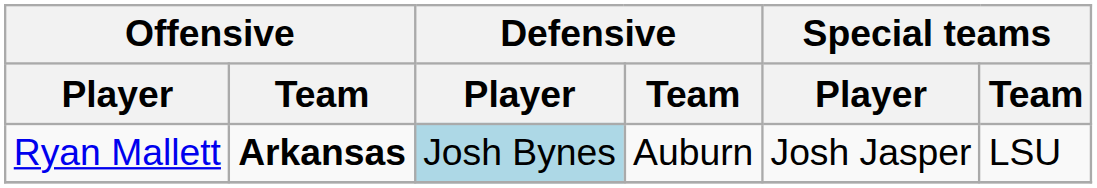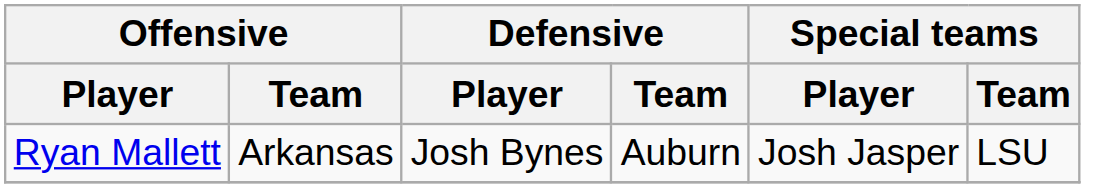 <table class="wikitable" border="1">
 <tr>
 <th colspan="2">Offensive</th>
 <th colspan="2">Defensive</th>
 <th colspan="2">Special teams</th>
 </tr>
 <tr>
 <th>Player</th>
 <th>Team</th>
 <th>Player</th>
 <th>Team</th>
 <th>Player</th>
 <th>Team</th>
 </tr>
 <tr>
 <td><a href='#'>Ryan Mallett</a></td>
-<td><strong>Arkansas</strong></td>
-<td style="background: lightblue;">Josh Bynes</td>
+<td>Arkansas</td>
+<td>Josh Bynes</td>
 <td>Auburn</td>
 <td>Josh Jasper</td>
 <td>LSU</td>
 </tr>
 <tr>
 </tr>
 </table>
